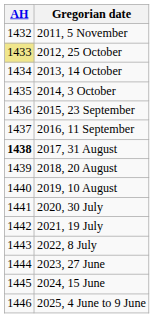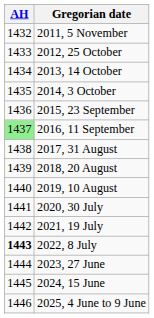 <table class="wikitable">
 <tr>
 <th><a href='#'>AH</a></th>
 <th>Gregorian date</th>
 </tr>
 <tr>
 <td>1432</td>
 <td>2011, 5 November</td>
 </tr>
 <tr>
-<td style="background: khaki;">1433</td>
+<td>1433</td>
 <td>2012, 25 October</td>
 </tr>
 <tr>
 <td>1434</td>
 <td>2013, 14 October</td>
 </tr>
 <tr>
 <td>1435</td>
 <td>2014, 3 October</td>
 </tr>
 <tr>
 <td>1436</td>
 <td>2015, 23 September</td>
 </tr>
 <tr>
-<td>1437</td>
+<td style="background: lightgreen;">1437</td>
 <td>2016, 11 September</td>
 </tr>
 <tr>
-<td><strong>1438</strong></td>
+<td>1438</td>
 <td>2017, 31 August</td>
 </tr>
 <tr>
 <td>1439</td>
 <td>2018, 20 August</td>
 </tr>
 <tr>
 <td>1440</td>
 <td>2019, 10 August</td>
 </tr>
 <tr>
 <td>1441</td>
 <td>2020, 30 July</td>
 </tr>
 <tr>
 <td>1442</td>
 <td>2021, 19 July</td>
 </tr>
 <tr>
-<td>1443</td>
+<td><strong>1443</strong></td>
 <td>2022, 8 July</td>
 </tr>
 <tr>
 <td>1444</td>
 <td>2023, 27 June</td>
 </tr>
 <tr>
 <td>1445</td>
 <td>2024, 15 June</td>
 </tr>
 <tr>
 <td>1446</td>
 <td>2025, 4 June to 9 June</td>
 </tr>
 </table>
